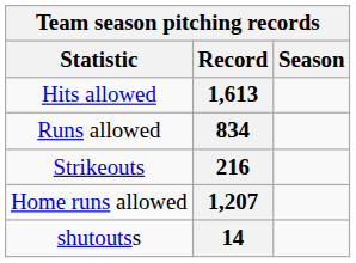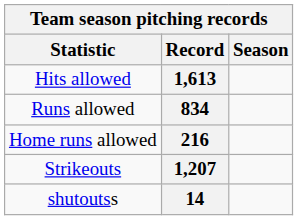 <table class="wikitable sortable" style="text-align:center">
 <tr>
 <th colspan=5>Team season pitching records</th>
 </tr>
 <tr>
 <th scope="col">Statistic</th>
 <th scope="col" class="unsortable">Record</th>
 <th scope="col">Season</th>
 </tr>
 <tr>
 <td><a href='#'>Hits allowed</a></td>
 <th scope="row">1,613</th>
 <td></td>
 </tr>
 <tr>
 <td><a href='#'>Runs</a> allowed</td>
 <th scope="row">834</th>
 <td></td>
 </tr>
 <tr>
-<td><a href='#'>Strikeouts</a></td>
+<td><a href='#'>Home runs</a> allowed</td>
 <th scope="row">216</th>
 <td></td>
 </tr>
 <tr>
-<td><a href='#'>Home runs</a> allowed</td>
+<td><a href='#'>Strikeouts</a></td>
 <th scope="row">1,207</th>
 <td></td>
 </tr>
 <tr>
 <td><a href='#'>shutouts</a>s</td>
 <th scope="row">14</th>
 <td></td>
 </tr>
 </table>
